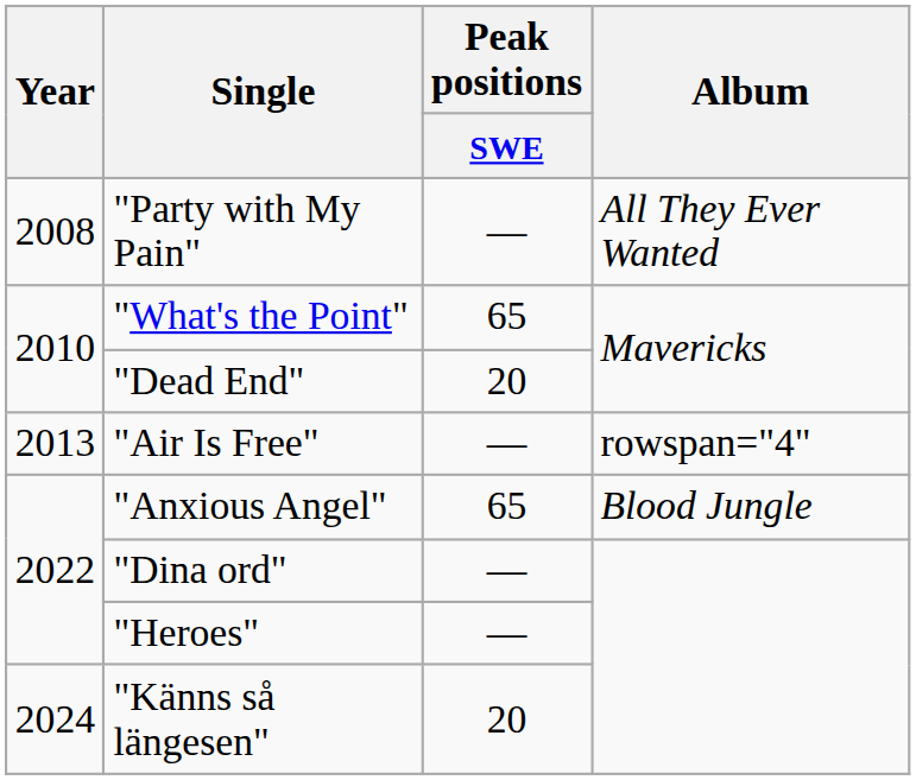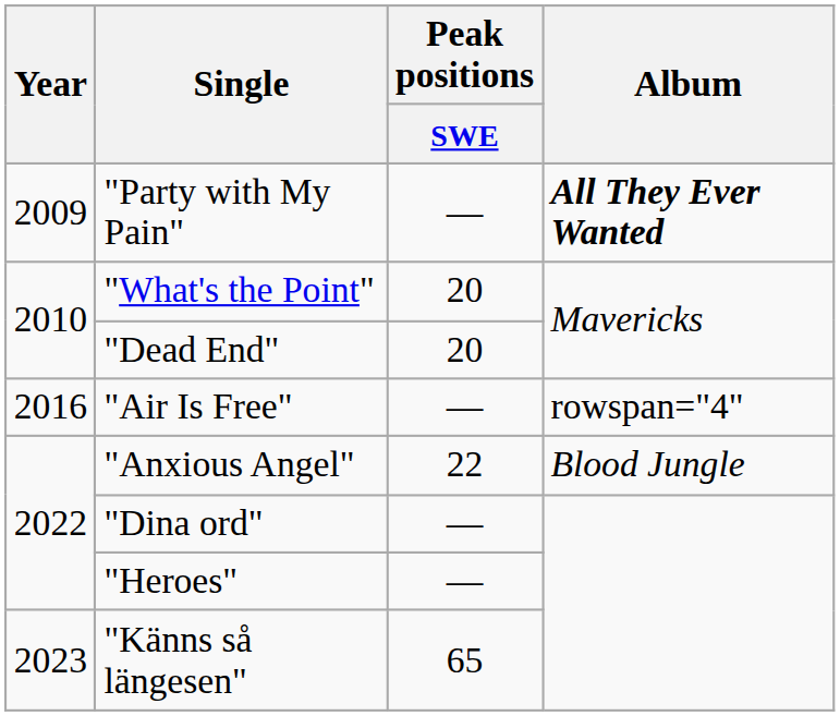 <table class="wikitable">
 <tr>
 <th align="center" rowspan="2" width="10">Year</th>
 <th align="center" rowspan="2" width="120">Single</th>
 <th align="center" colspan="1" width="20">Peak positions</th>
 <th align="center" rowspan="2" width="120">Album</th>
 </tr>
 <tr>
 <th width="20"><small><a href='#'>SWE</a><br></small></th>
 </tr>
 <tr>
-<td>2008</td>
+<td>2009</td>
 <td>"Party with My Pain"</td>
 <td style="text-align:center;">—</td>
-<td><em>All They Ever Wanted</em></td>
+<td><strong><em>All They Ever Wanted</em></strong></td>
 </tr>
 <tr>
 <td rowspan=2>2010</td>
 <td>"<a href='#'>What's the Point</a>"</td>
-<td style="text-align:center;">65<br></td>
+<td style="text-align:center;">20</td>
 <td rowspan=2><em>Mavericks</em></td>
 </tr>
 <tr>
 <td>"Dead End"</td>
 <td style="text-align:center;">20</td>
 </tr>
 <tr>
-<td>2013</td>
+<td>2016</td>
 <td>"Air Is Free"</td>
 <td style="text-align:center;">—</td>
 <td>rowspan="4" </td>
 </tr>
 <tr>
 <td rowspan="3">2022</td>
 <td>"Anxious Angel"</td>
-<td style="text-align:center;">65<br></td>
+<td style="text-align:center;">22</td>
 <td><em>Blood Jungle</em></td>
 </tr>
 <tr>
 <td>"Dina ord"</td>
 <td style="text-align:center;">—</td>
 </tr>
 <tr>
 <td>"Heroes"</td>
 <td style="text-align:center;">—</td>
 </tr>
 <tr>
-<td>2024</td>
+<td>2023</td>
 <td>"Känns så längesen"<br></td>
-<td style="text-align:center;">20</td>
+<td style="text-align:center;">65<br></td>
 </tr>
 </table>
